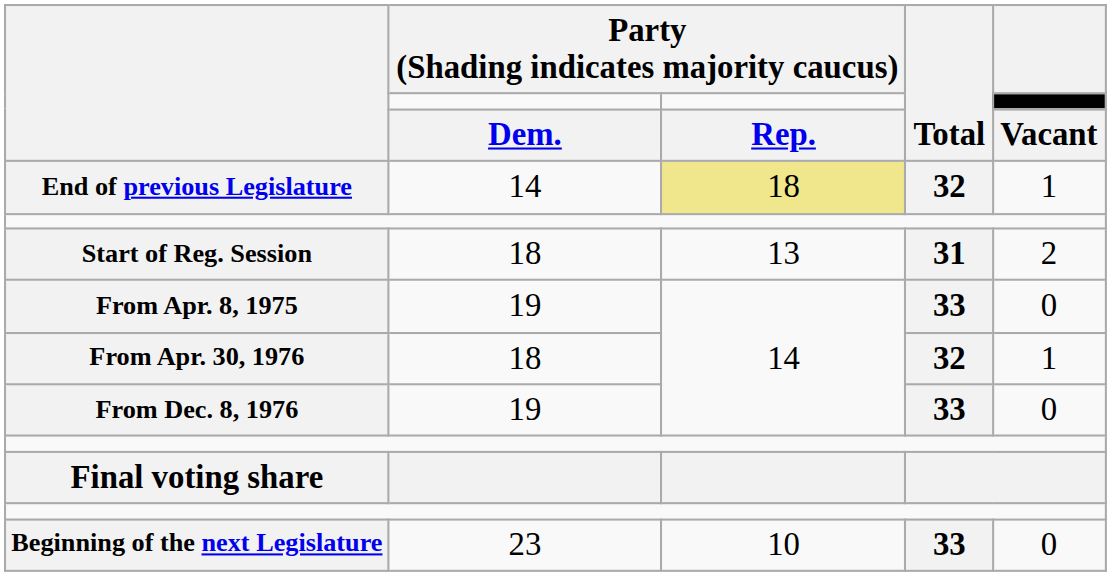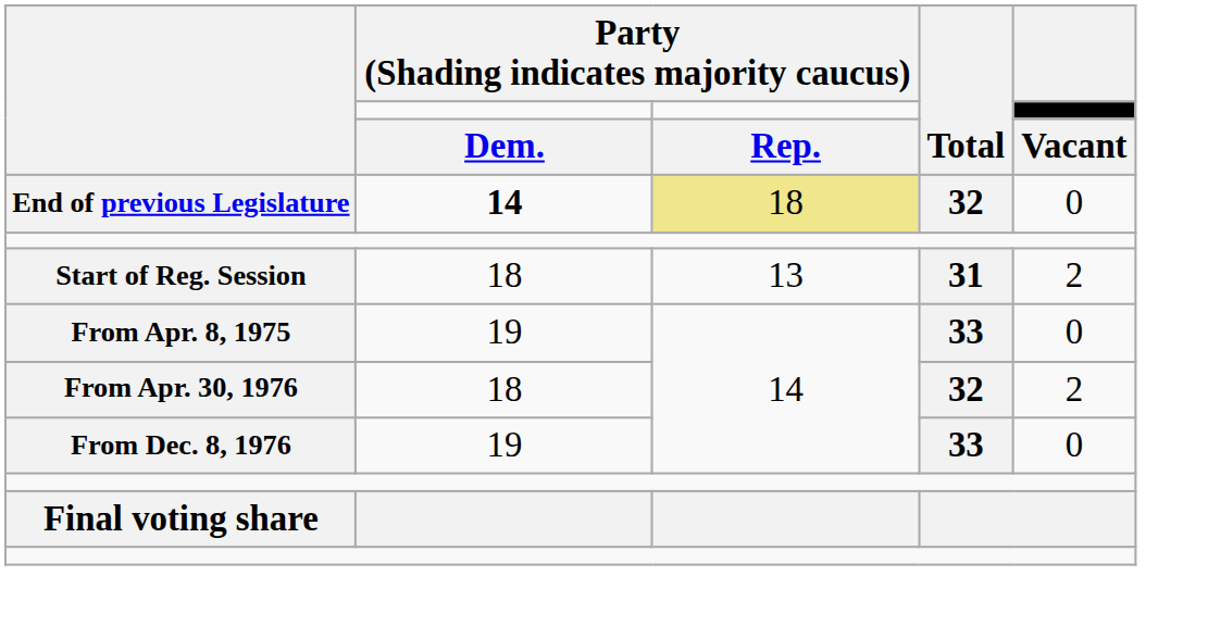 <table class=wikitable style="text-align:center">
 <tr style="vertical-align:bottom;">
 <th rowspan=3></th>
 <th colspan=2>Party <div>(Shading indicates majority caucus)</div></th>
 <th rowspan=3>Total</th>
 <th></th>
 </tr>
 <tr style="height:5px">
 <td style="background-color:"></td>
 <td style="background-color:"></td>
 <td style="background:black;"></td>
 </tr>
 <tr>
 <th><a href='#'>Dem.</a></th>
 <th><a href='#'>Rep.</a></th>
 <th>Vacant</th>
 </tr>
 <tr>
 <th style="font-size:80%;">End of <a href='#'>previous Legislature</a></th>
-<td>14</td>
+<td><strong>14</strong></td>
 <td style="background: khaki;">18</td>
 <th>32</th>
-<td>1</td>
+<td>0</td>
 </tr>
 <tr>
 <td colspan=5></td>
 </tr>
 <tr>
 <th style="font-size:80%;">Start of Reg. Session</th>
 <td>18</td>
 <td>13</td>
 <th>31</th>
 <td>2</td>
 </tr>
 <tr>
 <th style="font-size:80%;">From Apr. 8, 1975</th>
 <td>19</td>
 <td rowspan="3">14</td>
 <th>33</th>
 <td>0</td>
 </tr>
 <tr>
 <th style="font-size:80%;">From Apr. 30, 1976</th>
 <td>18</td>
 <th>32</th>
-<td>1</td>
+<td>2</td>
 </tr>
 <tr>
 <th style="font-size:80%;">From Dec. 8, 1976</th>
 <td>19</td>
 <th>33</th>
 <td>0</td>
 </tr>
 <tr>
 <td colspan=5></td>
 </tr>
 <tr>
 <th>Final voting share</th>
 <th></th>
 <th></th>
 <th colspan=2></th>
 </tr>
 <tr>
 <td colspan=5></td>
 </tr>
-<tr>
-<th style="font-size:80%;">Beginning of the <a href='#'>next Legislature</a></th>
-<td>23</td>
-<td>10</td>
-<th>33</th>
-<td>0</td>
-</tr>
 </table>
